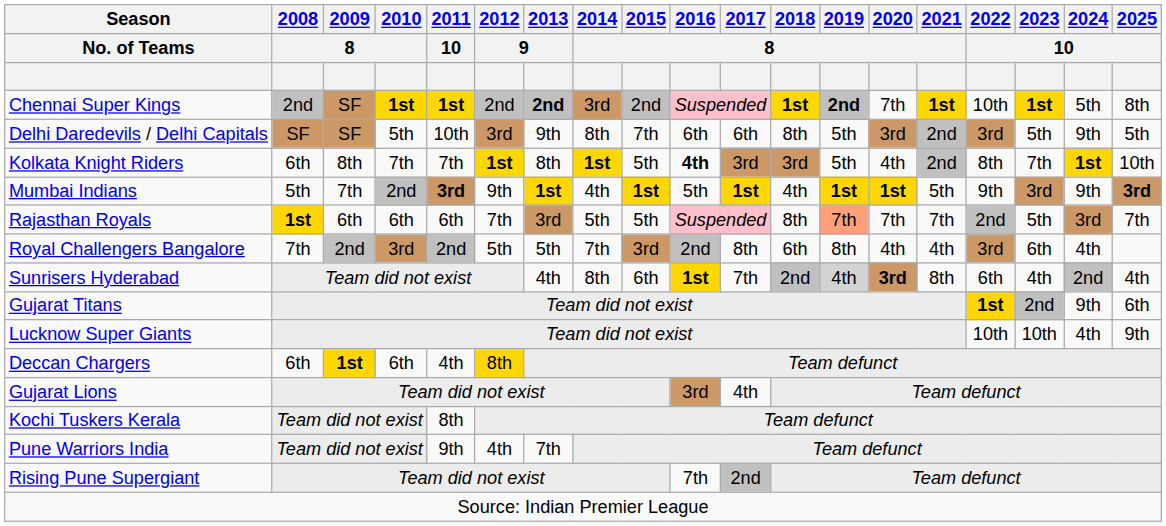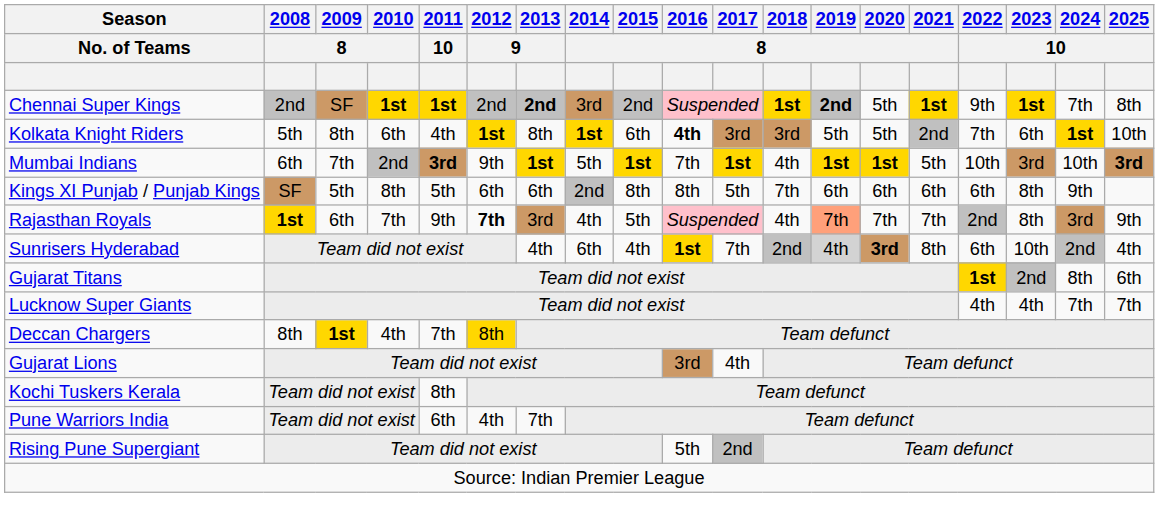 <table class="wikitable sortable" style="text-align:center; font-size: 90%">
 <tr>
 <th>Season</th>
 <th><a href='#'>2008</a></th>
 <th><a href='#'>2009</a></th>
 <th><a href='#'>2010</a></th>
 <th><a href='#'>2011</a></th>
 <th><a href='#'>2012</a></th>
 <th><a href='#'>2013</a></th>
 <th><a href='#'>2014</a></th>
 <th><a href='#'>2015</a></th>
 <th><a href='#'>2016</a></th>
 <th><a href='#'>2017</a></th>
 <th><a href='#'>2018</a></th>
 <th><a href='#'>2019</a></th>
 <th><a href='#'>2020</a></th>
 <th><a href='#'>2021</a></th>
 <th><a href='#'>2022</a></th>
 <th><a href='#'>2023</a></th>
 <th><a href='#'>2024</a></th>
 <th><a href='#'>2025</a></th>
 </tr>
 <tr>
 <th>No. of Teams</th>
 <th colspan="3">8</th>
 <th>10</th>
 <th colspan="2">9</th>
 <th colspan="8">8</th>
 <th colspan="4">10</th>
 </tr>
 <tr>
 <th></th>
 <th></th>
 <th></th>
 <th></th>
 <th></th>
 <th></th>
 <th></th>
 <th><br></th>
 <th></th>
 <th></th>
 <th></th>
 <th></th>
 <th></th>
 <th></th>
 <th> <br></th>
 <th></th>
 <th></th>
 <th></th>
 <th></th>
 </tr>
 <tr>
 <td align=left><a href='#'>Chennai Super Kings</a></td>
 <td style="background: silver">2nd</td>
 <td style="background-color: #cc9966">SF</td>
 <td style="background: gold"><strong>1st</strong></td>
 <td style="background: gold"><strong>1st</strong></td>
 <td style="background: silver">2nd</td>
 <td style="background: silver"><strong>2nd</strong></td>
 <td style="background-color: #cc9966">3rd</td>
 <td style="background: silver">2nd</td>
 <td style="background:pink;" colspan=2><em>Suspended</em></td>
 <td style="background: gold"><strong>1st</strong></td>
 <td style="background:silver"><strong>2nd</strong></td>
+<td>5th</td>
+<td style="background: gold"><strong>1st</strong></td>
+<td>9th</td>
+<td style="background:gold"><strong>1st</strong></td>
 <td>7th</td>
-<td style="background: gold"><strong>1st</strong></td>
-<td>10th</td>
-<td style="background:gold"><strong>1st</strong></td>
-<td>5th</td>
 <td>8th</td>
 </tr>
 <tr>
-<td align=left><a href='#'>Delhi Daredevils</a> / <a href='#'>Delhi Capitals</a></td>
-<td style="background-color: #cc9966">SF</td>
-<td style="background-color: #cc9966">SF</td>
+<td align=left><a href='#'>Kolkata Knight Riders</a></td>
 <td>5th</td>
-<td>10th</td>
-<td style="background-color: #cc9966">3rd</td>
-<td>9th</td>
 <td>8th</td>
-<td>7th</td>
 <td>6th</td>
-<td>6th</td>
-<td>8th</td>
-<td>5th</td>
-<td style="background:#cc9966">3rd</td>
-<td style="background:silver">2nd</td>
-<td style="background-color: #cc9966">3rd</td>
-<td>5th</td>
-<td>9th</td>
-<td>5th</td>
-</tr>
-<tr>
-<td align=left><a href='#'>Kolkata Knight Riders</a></td>
-<td>6th</td>
-<td>8th</td>
-<td>7th</td>
-<td>7th</td>
+<td>4th</td>
 <td style="background: gold"><strong>1st</strong></td>
 <td>8th</td>
 <td style="background: gold"><strong>1st</strong></td>
-<td>5th</td>
+<td>6th</td>
 <td><strong>4th</strong></td>
 <td style="background-color: #cc9966">3rd</td>
 <td style="background-color: #cc9966">3rd</td>
 <td>5th</td>
-<td>4th</td>
+<td>5th</td>
 <td style="background:silver">2nd</td>
-<td>8th</td>
 <td>7th</td>
+<td>6th</td>
 <td style="background: gold"><strong>1st</strong></td>
 <td>10th</td>
 </tr>
 <tr>
 <td align=left><a href='#'>Mumbai Indians</a></td>
-<td>5th</td>
+<td>6th</td>
 <td>7th</td>
 <td style="background: silver">2nd</td>
 <td style="background-color: #cc9966"><strong>3rd</strong></td>
 <td>9th</td>
 <td style="background-color: gold"><strong>1st</strong></td>
-<td>4th</td>
+<td>5th</td>
 <td style="background-color: gold"><strong>1st</strong></td>
-<td>5th</td>
+<td>7th</td>
 <td style="background: gold"><strong>1st</strong></td>
 <td>4th</td>
 <td style="background: gold"><strong>1st</strong></td>
 <td style="background: gold"><strong>1st</strong></td>
 <td>5th</td>
+<td>10th</td>
+<td style="background-color: #cc9966">3rd</td>
+<td>10th</td>
+<td style="background-color: #cc9966"><strong>3rd</strong></td>
+</tr>
+<tr>
+<td align=left><a href='#'>Kings XI Punjab</a> / <a href='#'>Punjab Kings</a></td>
+<td style="background-color: #cc9966">SF</td>
+<td>5th</td>
+<td>8th</td>
+<td>5th</td>
+<td>6th</td>
+<td>6th</td>
+<td style="background: silver">2nd</td>
+<td>8th</td>
+<td>8th</td>
+<td>5th</td>
+<td>7th</td>
+<td>6th</td>
+<td>6th</td>
+<td>6th</td>
+<td>6th</td>
+<td>8th</td>
 <td>9th</td>
-<td style="background-color: #cc9966">3rd</td>
-<td>9th</td>
-<td style="background-color: #cc9966"><strong>3rd</strong></td>
+<td></td>
 </tr>
 <tr>
 <td align=left><a href='#'>Rajasthan Royals</a></td>
 <td style="background: gold"><strong>1st</strong></td>
 <td>6th</td>
-<td>6th</td>
-<td>6th</td>
 <td>7th</td>
+<td>9th</td>
+<td><strong>7th</strong></td>
 <td style="background-color: #cc9966">3rd</td>
-<td>5th</td>
+<td>4th</td>
 <td>5th</td>
 <td colspan=2 style="background:pink;"><em>Suspended</em></td>
-<td>8th</td>
+<td>4th</td>
 <td style="background: lightsalmon;">7th</td>
 <td>7th</td>
 <td>7th</td>
 <td style="background: silver">2nd</td>
-<td>5th</td>
+<td>8th</td>
 <td style="background-color: #cc9966">3rd</td>
-<td>7th</td>
-</tr>
-<tr>
-<td align=left><a href='#'>Royal Challengers Bangalore</a></td>
-<td>7th</td>
-<td style="background: silver">2nd</td>
-<td style="background-color: #cc9966">3rd</td>
-<td style="background: silver">2nd</td>
-<td>5th</td>
-<td>5th</td>
-<td>7th</td>
-<td style="background-color: #cc9966">3rd</td>
-<td style="background: silver">2nd</td>
-<td>8th</td>
-<td>6th</td>
-<td>8th</td>
-<td>4th</td>
-<td>4th</td>
-<td style="background-color: #cc9966">3rd</td>
-<td>6th</td>
-<td>4th</td>
-<td></td>
+<td>9th</td>
 </tr>
 <tr>
 <td align=left><a href='#'>Sunrisers Hyderabad</a></td>
 <td colspan=5 style="background: #ececec;"><em>Team did not exist</em></td>
 <td>4th</td>
-<td>8th</td>
 <td>6th</td>
+<td>4th</td>
 <td style="background-color: gold"><strong>1st</strong></td>
 <td>7th</td>
 <td style="background: silver">2nd</td>
 <td style="background: lightgrey;">4th</td>
 <td style="background:#cc9966"><strong>3rd</strong></td>
 <td>8th</td>
 <td>6th</td>
-<td>4th</td>
+<td>10th</td>
 <td style="background:silver">2nd</td>
 <td>4th</td>
 </tr>
 <tr>
 <td align=left><a href='#'>Gujarat Titans</a></td>
 <td colspan="14" style="background: #ececec;"><em>Team did not exist</em></td>
 <td style="background: gold"><strong>1st</strong></td>
 <td style="background: silver">2nd</td>
-<td>9th</td>
+<td>8th</td>
 <td>6th</td>
 </tr>
 <tr>
 <td align=left><a href='#'>Lucknow Super Giants</a></td>
 <td colspan="14" style="background: #ececec;"><em>Team did not exist</em></td>
-<td>10th</td>
-<td>10th</td>
 <td>4th</td>
-<td>9th</td>
+<td>4th</td>
+<td>7th</td>
+<td>7th</td>
 </tr>
 <tr>
 <td align=left><a href='#'>Deccan Chargers</a></td>
-<td>6th</td>
+<td>8th</td>
 <td style="background: gold"><strong>1st</strong></td>
-<td>6th</td>
 <td>4th</td>
+<td>7th</td>
 <td style="background: gold;">8th</td>
 <td colspan="13" style="background: #ececec;"><em>Team defunct</em></td>
 </tr>
 <tr>
 <td align=left><a href='#'>Gujarat Lions</a></td>
 <td colspan="8" style="background: #ececec;"><em>Team did not exist</em></td>
 <td style="background-color: #cc9966">3rd</td>
 <td>4th</td>
 <td colspan="8" style="background: #ececec;"><em>Team defunct</em></td>
 </tr>
 <tr>
 <td align=left><a href='#'>Kochi Tuskers Kerala</a></td>
 <td colspan="3" style="background: #ececec;"><em>Team did not exist</em></td>
 <td>8th</td>
 <td colspan="14" style="background: #ececec;"><em>Team defunct</em></td>
 </tr>
 <tr>
 <td align=left><a href='#'>Pune Warriors India</a></td>
 <td colspan="3" style="background: #ececec;"><em>Team did not exist</em></td>
-<td>9th</td>
+<td>6th</td>
 <td>4th</td>
 <td>7th</td>
 <td colspan="12" style="background: #ececec;"><em>Team defunct</em></td>
 </tr>
 <tr>
 <td align=left><a href='#'>Rising Pune Supergiant</a></td>
 <td colspan="8" style="background: #ececec;"><em>Team did not exist</em></td>
-<td>7th</td>
+<td>5th</td>
 <td style="background: silver">2nd</td>
 <td colspan="8" style="background: #ececec;"><em>Team defunct</em></td>
 </tr>
 <tr>
 <td colspan="19">Source: Indian Premier League</td>
 </tr>
 </table>
